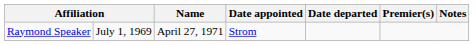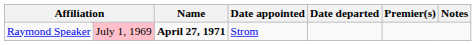 <table class="wikitable">
 <tr>
 <th colspan="2">Affiliation</th>
 <th>Name</th>
 <th>Date appointed</th>
 <th>Date departed</th>
 <th>Premier(s)</th>
 <th>Notes</th>
 </tr>
 <tr>
 <td><a href='#'>Raymond Speaker</a></td>
-<td>July 1, 1969</td>
-<td>April 27, 1971</td>
+<td style="background: pink;">July 1, 1969</td>
+<td><strong>April 27, 1971</strong></td>
 <td><a href='#'>Strom</a></td>
 <td></td>
 </tr>
 </table>
